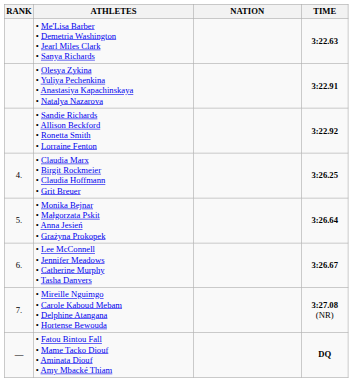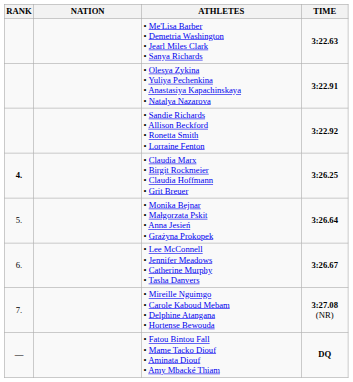 <table class="wikitable" style="border-collapse: collapse; font-size: 90%;">
 <tr>
 <th>RANK</th>
+<th style="width: 12em">NATION</th>
 <th style="width: 18em">ATHLETES</th>
-<th style="width: 12em">NATION</th>
 <th style="width: 5em">TIME</th>
 </tr>
 <tr>
 <td align="center"></td>
+<td align="center"></td>
 <td>• <a href='#'>Me'Lisa Barber</a><br>• <a href='#'>Demetria Washington</a><br>• <a href='#'>Jearl Miles Clark</a><br>• <a href='#'>Sanya Richards</a></td>
-<td align="center"></td>
 <td align="center"><strong>3:22.63</strong></td>
 </tr>
 <tr>
 <td align="center"></td>
+<td align="center"></td>
 <td>• <a href='#'>Olesya Zykina</a><br>• <a href='#'>Yuliya Pechenkina</a><br>• <a href='#'>Anastasiya Kapachinskaya</a><br>• <a href='#'>Natalya Nazarova</a></td>
-<td align="center"></td>
 <td align="center"><strong>3:22.91</strong></td>
 </tr>
 <tr>
 <td align="center"></td>
+<td align="center"></td>
 <td>• <a href='#'>Sandie Richards</a><br>• <a href='#'>Allison Beckford</a><br>• <a href='#'>Ronetta Smith</a><br>• <a href='#'>Lorraine Fenton</a></td>
-<td align="center"></td>
 <td align="center"><strong>3:22.92</strong></td>
 </tr>
 <tr>
-<td align="center">4.</td>
+<td align="center"><strong>4.</strong></td>
+<td align="center"></td>
 <td>• <a href='#'>Claudia Marx</a><br>• <a href='#'>Birgit Rockmeier</a><br>• <a href='#'>Claudia Hoffmann</a><br>• <a href='#'>Grit Breuer</a></td>
-<td align="center"></td>
 <td align="center"><strong>3:26.25</strong></td>
 </tr>
 <tr>
 <td align="center">5.</td>
+<td align="center"></td>
 <td>• <a href='#'>Monika Bejnar</a><br>• <a href='#'>Małgorzata Pskit</a><br>• <a href='#'>Anna Jesień</a><br>• <a href='#'>Grażyna Prokopek</a></td>
-<td align="center"></td>
 <td align="center"><strong>3:26.64</strong></td>
 </tr>
 <tr>
 <td align="center">6.</td>
+<td align="center"></td>
 <td>• <a href='#'>Lee McConnell</a><br>• <a href='#'>Jennifer Meadows</a><br>• <a href='#'>Catherine Murphy</a><br>• <a href='#'>Tasha Danvers</a></td>
-<td align="center"></td>
 <td align="center"><strong>3:26.67</strong></td>
 </tr>
 <tr>
 <td align="center">7.</td>
+<td align="center"></td>
 <td>• <a href='#'>Mireille Nguimgo</a><br>• <a href='#'>Carole Kaboud Mebam</a><br>• <a href='#'>Delphine Atangana</a><br>• <a href='#'>Hortense Bewouda</a></td>
-<td align="center"></td>
 <td align="center"><strong>3:27.08</strong><br>(NR)</td>
 </tr>
 <tr>
 <td align="center">—</td>
+<td align="center"></td>
 <td>• <a href='#'>Fatou Bintou Fall</a><br>• <a href='#'>Mame Tacko Diouf</a><br>• <a href='#'>Aminata Diouf</a><br>• <a href='#'>Amy Mbacké Thiam</a></td>
-<td align="center"></td>
 <td align="center"><strong>DQ</strong></td>
 </tr>
 </table>
